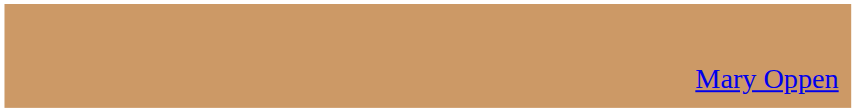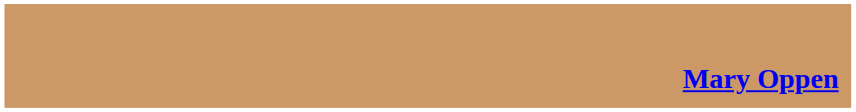 <table class="toccolours" style="float: right; margin-left: 2em; margin-right: 1em; font-size: 90%; background:#CC9966; width:30em; max-width: 40%;" cellspacing="5">
 <tr>
 <td style="text-align: left;"><br></td>
 </tr>
 <tr>
-<td style="text-align: right;"><a href='#'>Mary Oppen</a></td>
+<td style="text-align: right;"><strong><a href='#'>Mary Oppen</a></strong></td>
 </tr>
 </table>
